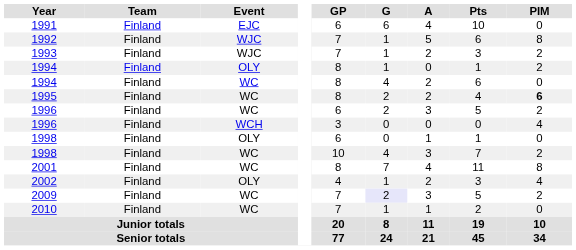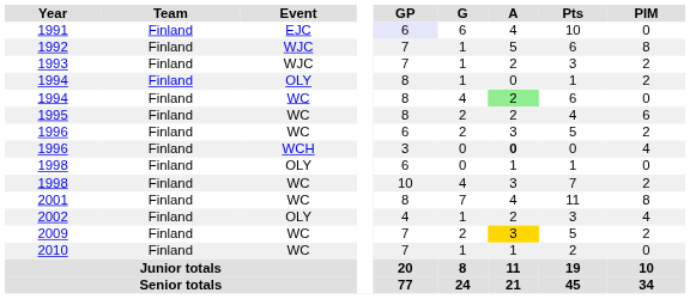 <table border="0" cellpadding="1" cellspacing="0" style="text-align:center; width:50em">
 <tr ALIGN="center" bgcolor="#e0e0e0">
 <th>Year</th>
 <th>Team</th>
 <th>Event</th>
 <th rowspan="99" bgcolor="#ffffff"> </th>
 <th>GP</th>
 <th>G</th>
 <th>A</th>
 <th>Pts</th>
 <th>PIM</th>
 </tr>
 <tr>
 <td><a href='#'>1991</a></td>
 <td><a href='#'>Finland</a></td>
 <td><a href='#'>EJC</a></td>
-<td>6</td>
+<td style="background: lavender;">6</td>
 <td>6</td>
 <td>4</td>
 <td>10</td>
 <td>0</td>
 </tr>
 <tr bgcolor="#f0f0f0">
 <td><a href='#'>1992</a></td>
 <td>Finland</td>
 <td><a href='#'>WJC</a></td>
 <td>7</td>
 <td>1</td>
 <td>5</td>
 <td>6</td>
 <td>8</td>
 </tr>
 <tr>
 <td><a href='#'>1993</a></td>
 <td>Finland</td>
 <td>WJC</td>
 <td>7</td>
 <td>1</td>
 <td>2</td>
 <td>3</td>
 <td>2</td>
 </tr>
 <tr bgcolor="#f0f0f0">
 <td><a href='#'>1994</a></td>
 <td><a href='#'>Finland</a></td>
 <td><a href='#'>OLY</a></td>
 <td>8</td>
 <td>1</td>
 <td>0</td>
 <td>1</td>
 <td>2</td>
 </tr>
 <tr>
 <td><a href='#'>1994</a></td>
 <td>Finland</td>
 <td><a href='#'>WC</a></td>
 <td>8</td>
 <td>4</td>
-<td>2</td>
+<td style="background: lightgreen;">2</td>
 <td>6</td>
 <td>0</td>
 </tr>
 <tr bgcolor="#f0f0f0">
 <td><a href='#'>1995</a></td>
 <td>Finland</td>
 <td>WC</td>
 <td>8</td>
 <td>2</td>
 <td>2</td>
 <td>4</td>
-<td><strong>6</strong></td>
+<td>6</td>
 </tr>
 <tr>
 <td><a href='#'>1996</a></td>
 <td>Finland</td>
 <td>WC</td>
 <td>6</td>
 <td>2</td>
 <td>3</td>
 <td>5</td>
 <td>2</td>
 </tr>
 <tr bgcolor="#f0f0f0">
 <td><a href='#'>1996</a></td>
 <td>Finland</td>
 <td><a href='#'>WCH</a></td>
 <td>3</td>
 <td>0</td>
-<td>0</td>
+<td><strong>0</strong></td>
 <td>0</td>
 <td>4</td>
 </tr>
 <tr>
 <td><a href='#'>1998</a></td>
 <td>Finland</td>
 <td>OLY</td>
 <td>6</td>
 <td>0</td>
 <td>1</td>
 <td>1</td>
 <td>0</td>
 </tr>
 <tr bgcolor="#f0f0f0">
 <td><a href='#'>1998</a></td>
 <td>Finland</td>
 <td>WC</td>
 <td>10</td>
 <td>4</td>
 <td>3</td>
 <td>7</td>
 <td>2</td>
 </tr>
 <tr>
 <td><a href='#'>2001</a></td>
 <td>Finland</td>
 <td>WC</td>
 <td>8</td>
 <td>7</td>
 <td>4</td>
 <td>11</td>
 <td>8</td>
 </tr>
 <tr bgcolor="#f0f0f0">
 <td><a href='#'>2002</a></td>
 <td>Finland</td>
 <td>OLY</td>
 <td>4</td>
 <td>1</td>
 <td>2</td>
 <td>3</td>
 <td>4</td>
 </tr>
 <tr>
 <td><a href='#'>2009</a></td>
 <td>Finland</td>
 <td>WC</td>
 <td>7</td>
-<td style="background: lavender;">2</td>
-<td>3</td>
+<td>2</td>
+<td style="background: gold;">3</td>
 <td>5</td>
 <td>2</td>
 </tr>
 <tr bgcolor="#f0f0f0">
 <td><a href='#'>2010</a></td>
 <td>Finland</td>
 <td>WC</td>
 <td>7</td>
 <td>1</td>
 <td>1</td>
 <td>2</td>
 <td>0</td>
 </tr>
 <tr bgcolor="#e0e0e0">
 <th colspan=3>Junior totals</th>
 <th>20</th>
 <th>8</th>
 <th>11</th>
 <th>19</th>
 <th>10</th>
 </tr>
 <tr bgcolor="#e0e0e0">
 <th colspan=3>Senior totals</th>
 <th>77</th>
 <th>24</th>
 <th>21</th>
 <th>45</th>
 <th>34</th>
 </tr>
 </table>
